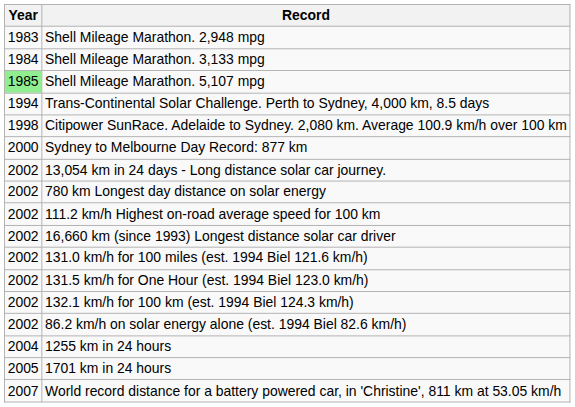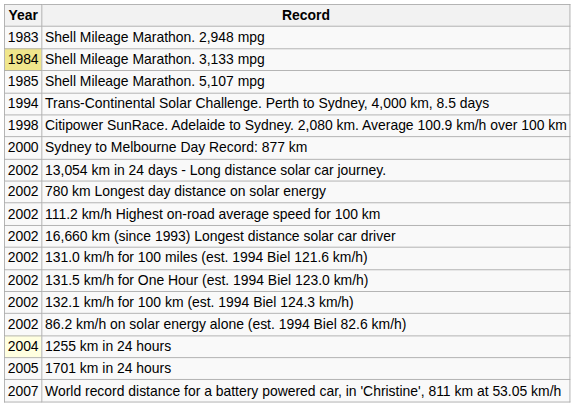 <table class="wikitable">
 <tr>
 <th>Year</th>
 <th>Record</th>
 </tr>
 <tr>
 <td>1983</td>
 <td>Shell Mileage Marathon. 2,948 mpg</td>
 </tr>
 <tr>
-<td>1984</td>
+<td style="background: khaki;">1984</td>
 <td>Shell Mileage Marathon. 3,133 mpg</td>
 </tr>
 <tr>
-<td style="background: lightgreen;">1985</td>
+<td>1985</td>
 <td>Shell Mileage Marathon. 5,107 mpg</td>
 </tr>
 <tr>
 <td>1994</td>
 <td>Trans-Continental Solar Challenge. Perth to Sydney, 4,000 km, 8.5 days</td>
 </tr>
 <tr>
 <td>1998</td>
 <td>Citipower SunRace. Adelaide to Sydney. 2,080 km. Average 100.9 km/h over 100 km</td>
 </tr>
 <tr>
 <td>2000</td>
 <td>Sydney to Melbourne Day Record: 877 km</td>
 </tr>
 <tr>
 <td>2002</td>
 <td>13,054 km in 24 days - Long distance solar car journey.</td>
 </tr>
 <tr>
 <td>2002</td>
 <td>780 km Longest day distance on solar energy</td>
 </tr>
 <tr>
 <td>2002</td>
 <td>111.2 km/h Highest on-road average speed for 100 km</td>
 </tr>
 <tr>
 <td>2002</td>
 <td>16,660 km (since 1993) Longest distance solar car driver</td>
 </tr>
 <tr>
 <td>2002</td>
 <td>131.0 km/h for 100 miles (est. 1994 Biel 121.6 km/h)</td>
 </tr>
 <tr>
 <td>2002</td>
 <td>131.5 km/h for One Hour (est. 1994 Biel 123.0 km/h)</td>
 </tr>
 <tr>
 <td>2002</td>
 <td>132.1 km/h for 100 km (est. 1994 Biel 124.3 km/h)</td>
 </tr>
 <tr>
 <td>2002</td>
 <td>86.2 km/h on solar energy alone (est. 1994 Biel 82.6 km/h)</td>
 </tr>
 <tr>
-<td>2004</td>
+<td style="background: lightyellow;">2004</td>
 <td>1255 km in 24 hours</td>
 </tr>
 <tr>
 <td>2005</td>
 <td>1701 km in 24 hours</td>
 </tr>
 <tr>
 <td>2007</td>
 <td>World record distance for a battery powered car, in 'Christine', 811 km at 53.05 km/h</td>
 </tr>
 </table>
